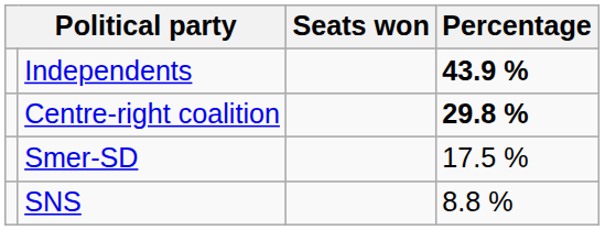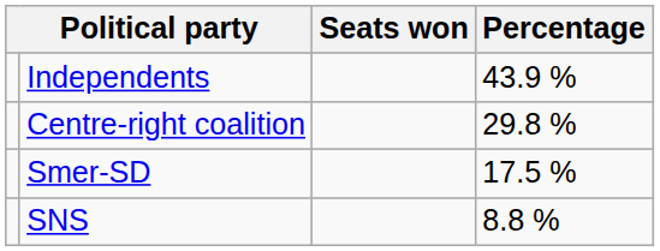 <table class="wikitable" style="text-align: left;">
 <tr>
 <th colspan="2">Political party</th>
 <th>Seats won</th>
 <th>Percentage</th>
 </tr>
 <tr>
 <td style="background:"></td>
 <td><a href='#'>Independents</a></td>
 <td></td>
-<td><strong>43.9 %</strong></td>
+<td>43.9 %</td>
 </tr>
 <tr>
 <td style="background:"></td>
 <td><a href='#'>Centre-right coalition</a></td>
 <td></td>
-<td><strong>29.8 %</strong></td>
+<td>29.8 %</td>
 </tr>
 <tr>
 <td style="background:"></td>
 <td><a href='#'>Smer-SD</a></td>
 <td></td>
 <td>17.5 %</td>
 </tr>
 <tr>
 <td style="background:"></td>
 <td><a href='#'>SNS</a></td>
 <td></td>
 <td>8.8 %</td>
 </tr>
 </table>
